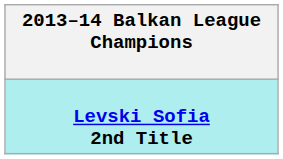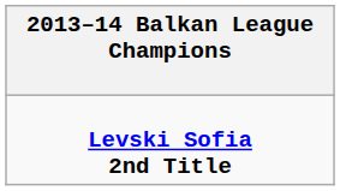 <table class="wikitable" style="margin: 0 auto; width: 30%;">
 <tr>
 <th>2013–14 Balkan League Champions<br><br></th>
 </tr>
 <tr>
-<td align=center style="background: paleturquoise;"><br><strong><a href='#'>Levski Sofia</a></strong><br><strong>2nd Title</strong></td>
+<td align=center><br><strong><a href='#'>Levski Sofia</a></strong><br><strong>2nd Title</strong></td>
 </tr>
 </table>
